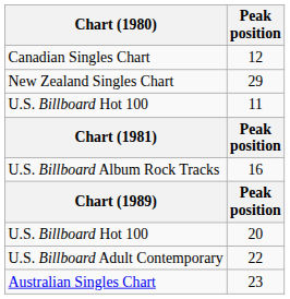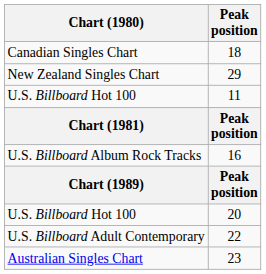 <table class="wikitable sortable">
 <tr>
 <th>Chart (1980)</th>
 <th>Peak<br>position</th>
 </tr>
 <tr>
 <td align="left">Canadian Singles Chart</td>
-<td style="text-align:center;">12</td>
+<td style="text-align:center;">18</td>
 </tr>
 <tr>
 <td align="left">New Zealand Singles Chart</td>
 <td style="text-align:center;">29</td>
 </tr>
 <tr>
 <td align="left">U.S. <em>Billboard</em> Hot 100</td>
 <td style="text-align:center;">11</td>
 </tr>
 <tr>
 <th>Chart (1981)</th>
 <th>Peak<br>position</th>
 </tr>
 <tr>
 <td>U.S. <em>Billboard</em> Album Rock Tracks</td>
 <td style="text-align:center;">16</td>
 </tr>
 <tr>
 <th>Chart (1989)</th>
 <th>Peak<br>position</th>
 </tr>
 <tr>
 <td>U.S. <em>Billboard</em> Hot 100</td>
 <td style="text-align:center;">20</td>
 </tr>
 <tr>
 <td>U.S. <em>Billboard</em> Adult Contemporary</td>
 <td style="text-align:center;">22</td>
 </tr>
 <tr>
 <td align="left"><a href='#'>Australian Singles Chart</a></td>
 <td style="text-align:center;">23</td>
 </tr>
 </table>
